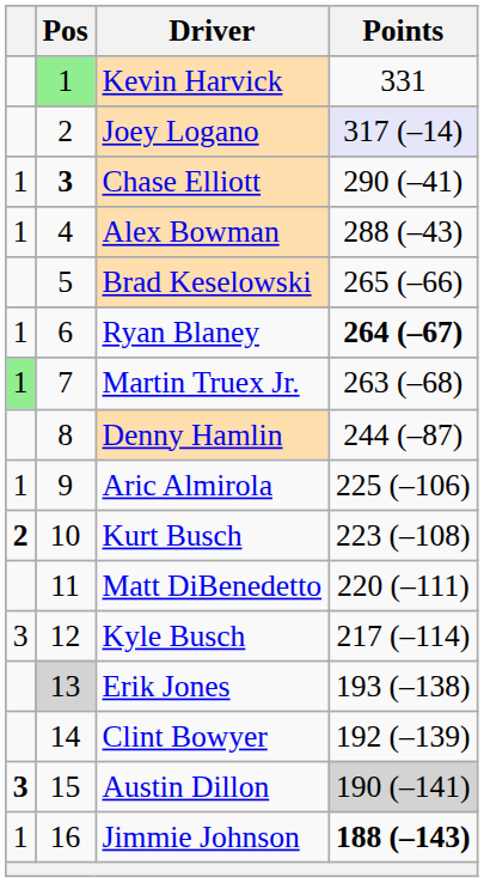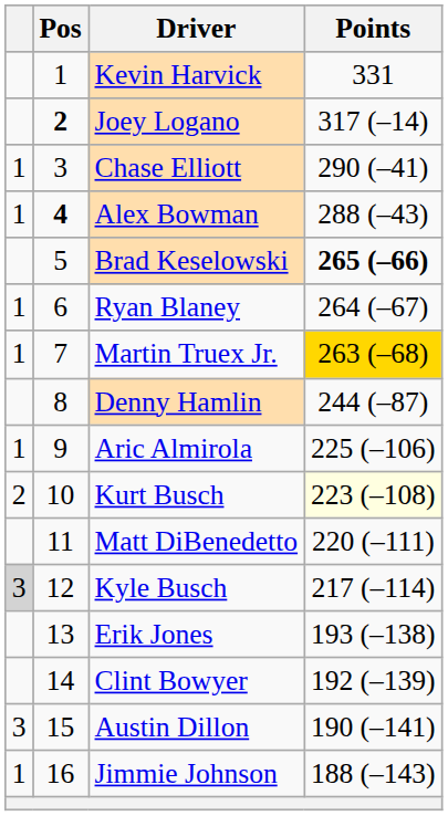 <table class="wikitable" style="font-size: 95%">
 <tr>
 <th></th>
 <th>Pos</th>
 <th>Driver</th>
 <th>Points</th>
 </tr>
 <tr>
 <td align="left"></td>
-<td style="background: lightgreen; text-align:center;">1</td>
+<td style="text-align:center;">1</td>
 <td style="background:#FFDEAD;"><a href='#'>Kevin Harvick</a></td>
 <td style="text-align:center;">331</td>
 </tr>
 <tr>
 <td align="left"></td>
-<td style="text-align:center;">2</td>
+<td style="text-align:center;"><strong>2</strong></td>
 <td style="background:#FFDEAD;"><a href='#'>Joey Logano</a></td>
-<td style="background: lavender; text-align:center;">317 (–14)</td>
+<td style="text-align:center;">317 (–14)</td>
 </tr>
 <tr>
 <td align="left"> 1</td>
-<td style="text-align:center;"><strong>3</strong></td>
+<td style="text-align:center;">3</td>
 <td style="background:#FFDEAD;"><a href='#'>Chase Elliott</a></td>
 <td style="text-align:center;">290 (–41)</td>
 </tr>
 <tr>
 <td align="left"> 1</td>
-<td style="text-align:center;">4</td>
+<td style="text-align:center;"><strong>4</strong></td>
 <td style="background:#FFDEAD;"><a href='#'>Alex Bowman</a></td>
 <td style="text-align:center;">288 (–43)</td>
 </tr>
 <tr>
 <td align="left"></td>
 <td style="text-align:center;">5</td>
 <td style="background:#FFDEAD;"><a href='#'>Brad Keselowski</a></td>
-<td style="text-align:center;">265 (–66)</td>
+<td style="text-align:center;"><strong>265 (–66)</strong></td>
 </tr>
 <tr>
 <td align="left"> 1</td>
 <td style="text-align:center;">6</td>
 <td><a href='#'>Ryan Blaney</a></td>
-<td style="text-align:center;"><strong>264 (–67)</strong></td>
+<td style="text-align:center;">264 (–67)</td>
 </tr>
 <tr>
-<td align="left" style="background: lightgreen;"> 1</td>
+<td align="left"> 1</td>
 <td style="text-align:center;">7</td>
 <td><a href='#'>Martin Truex Jr.</a></td>
-<td style="text-align:center;">263 (–68)</td>
+<td style="background: gold; text-align:center;">263 (–68)</td>
 </tr>
 <tr>
 <td align="left"></td>
 <td style="text-align:center;">8</td>
 <td style="background:#FFDEAD;"><a href='#'>Denny Hamlin</a></td>
 <td style="text-align:center;">244 (–87)</td>
 </tr>
 <tr>
 <td align="left"> 1</td>
 <td style="text-align:center;">9</td>
 <td><a href='#'>Aric Almirola</a></td>
 <td style="text-align:center;">225 (–106)</td>
 </tr>
 <tr>
-<td align="left"><strong> 2</strong></td>
+<td align="left"> 2</td>
 <td style="text-align:center;">10</td>
 <td><a href='#'>Kurt Busch</a></td>
-<td style="text-align:center;">223 (–108)</td>
+<td style="background: lightyellow; text-align:center;">223 (–108)</td>
 </tr>
 <tr>
 <td align="left"></td>
 <td style="text-align:center;">11</td>
 <td><a href='#'>Matt DiBenedetto</a></td>
 <td style="text-align:center;">220 (–111)</td>
 </tr>
 <tr>
-<td align="left"> 3</td>
+<td align="left" style="background: lightgrey;"> 3</td>
 <td style="text-align:center;">12</td>
 <td><a href='#'>Kyle Busch</a></td>
 <td style="text-align:center;">217 (–114)</td>
 </tr>
 <tr>
 <td align="left"></td>
-<td style="background: lightgrey; text-align:center;">13</td>
+<td style="text-align:center;">13</td>
 <td><a href='#'>Erik Jones</a></td>
 <td style="text-align:center;">193 (–138)</td>
 </tr>
 <tr>
 <td align="left"></td>
 <td style="text-align:center;">14</td>
 <td><a href='#'>Clint Bowyer</a></td>
 <td style="text-align:center;">192 (–139)</td>
 </tr>
 <tr>
-<td align="left"><strong> 3</strong></td>
+<td align="left"> 3</td>
 <td style="text-align:center;">15</td>
 <td><a href='#'>Austin Dillon</a></td>
-<td style="background: lightgrey; text-align:center;">190 (–141)</td>
+<td style="text-align:center;">190 (–141)</td>
 </tr>
 <tr>
 <td align="left"> 1</td>
 <td style="text-align:center;">16</td>
 <td><a href='#'>Jimmie Johnson</a></td>
-<td style="text-align:center;"><strong>188 (–143)</strong></td>
+<td style="text-align:center;">188 (–143)</td>
 </tr>
 <tr class="sortbottom">
 <th colspan="9"></th>
 </tr>
 </table>
